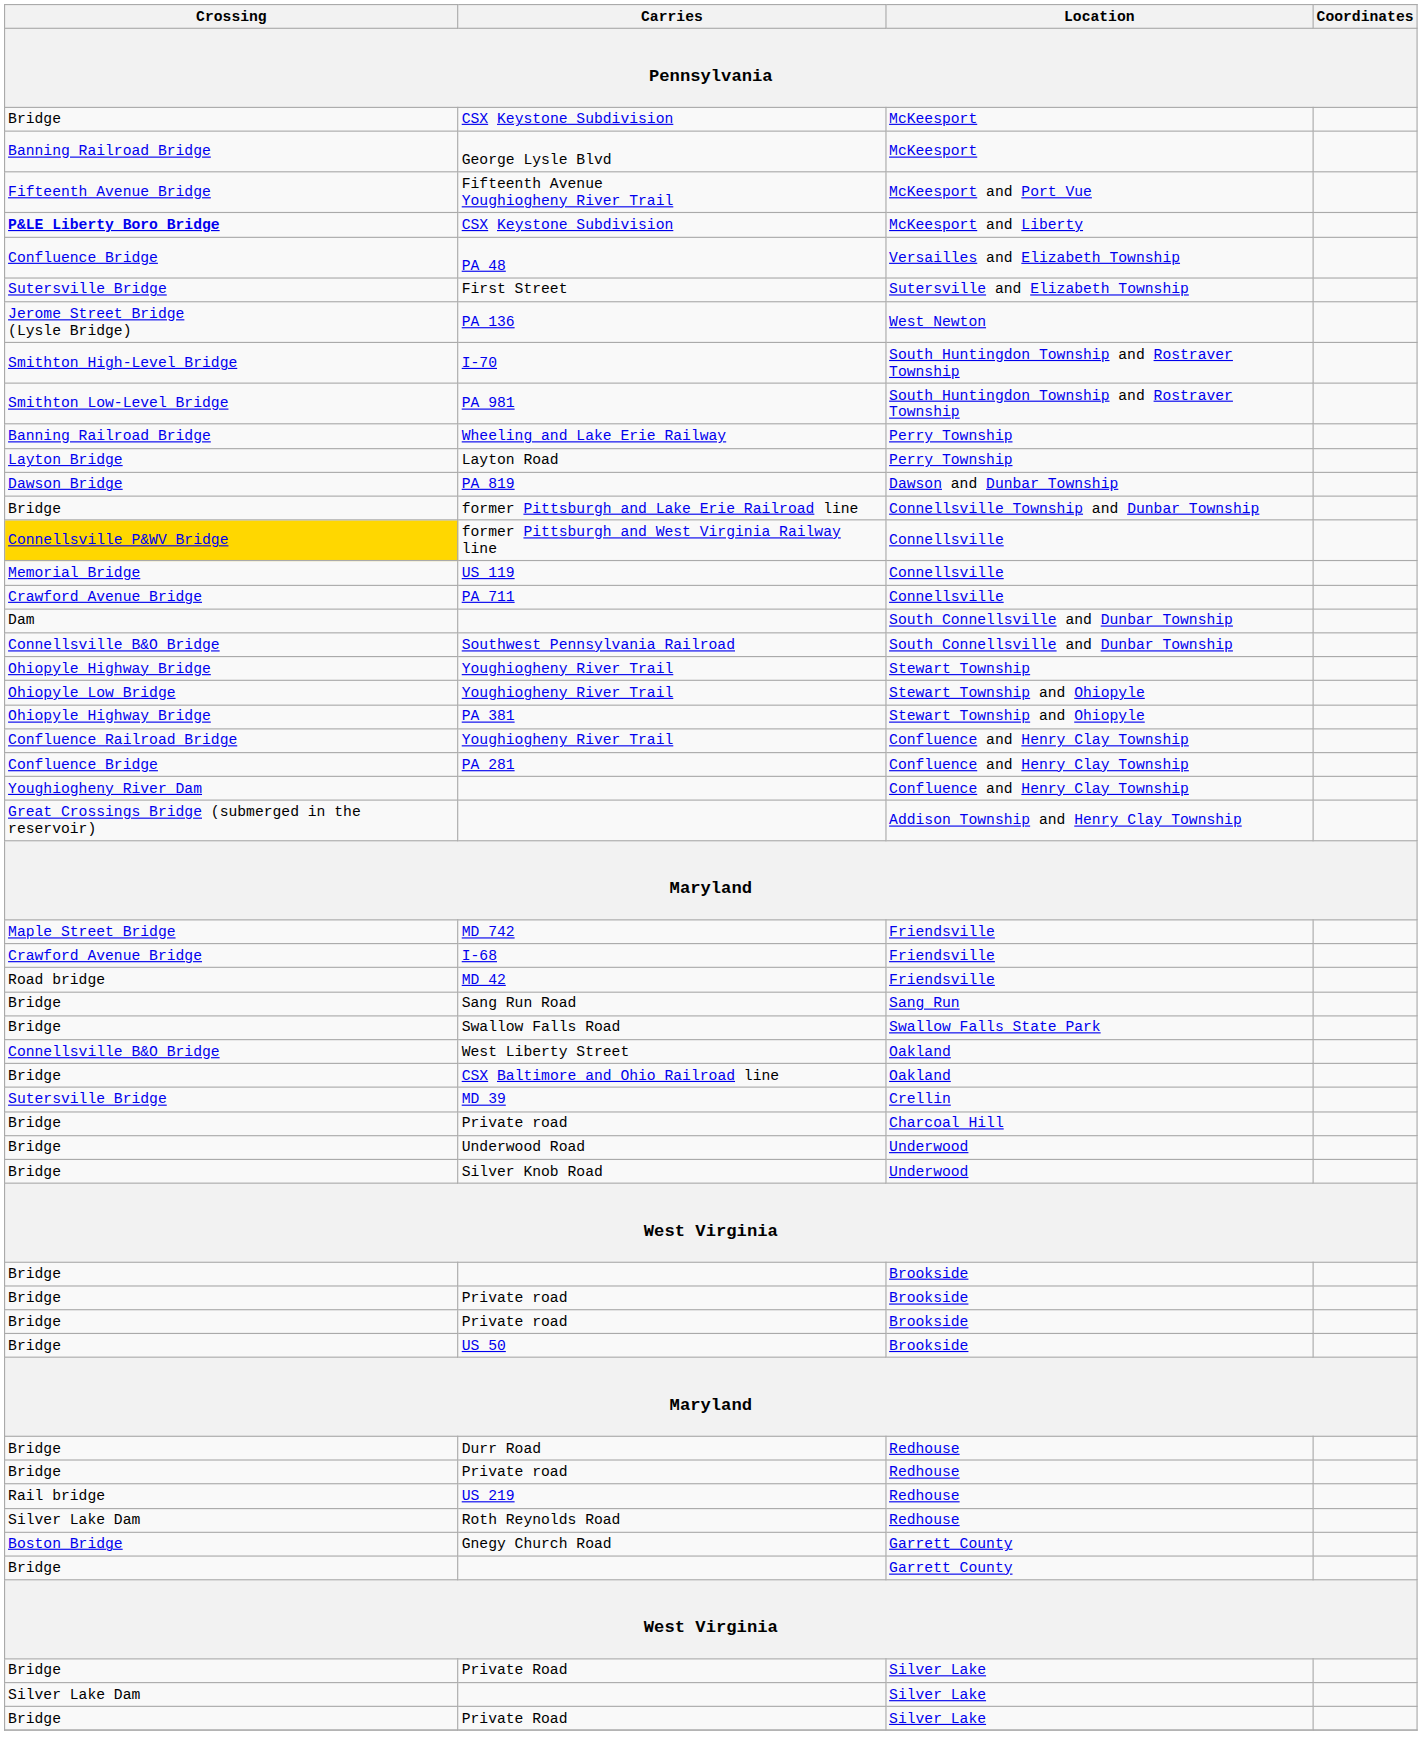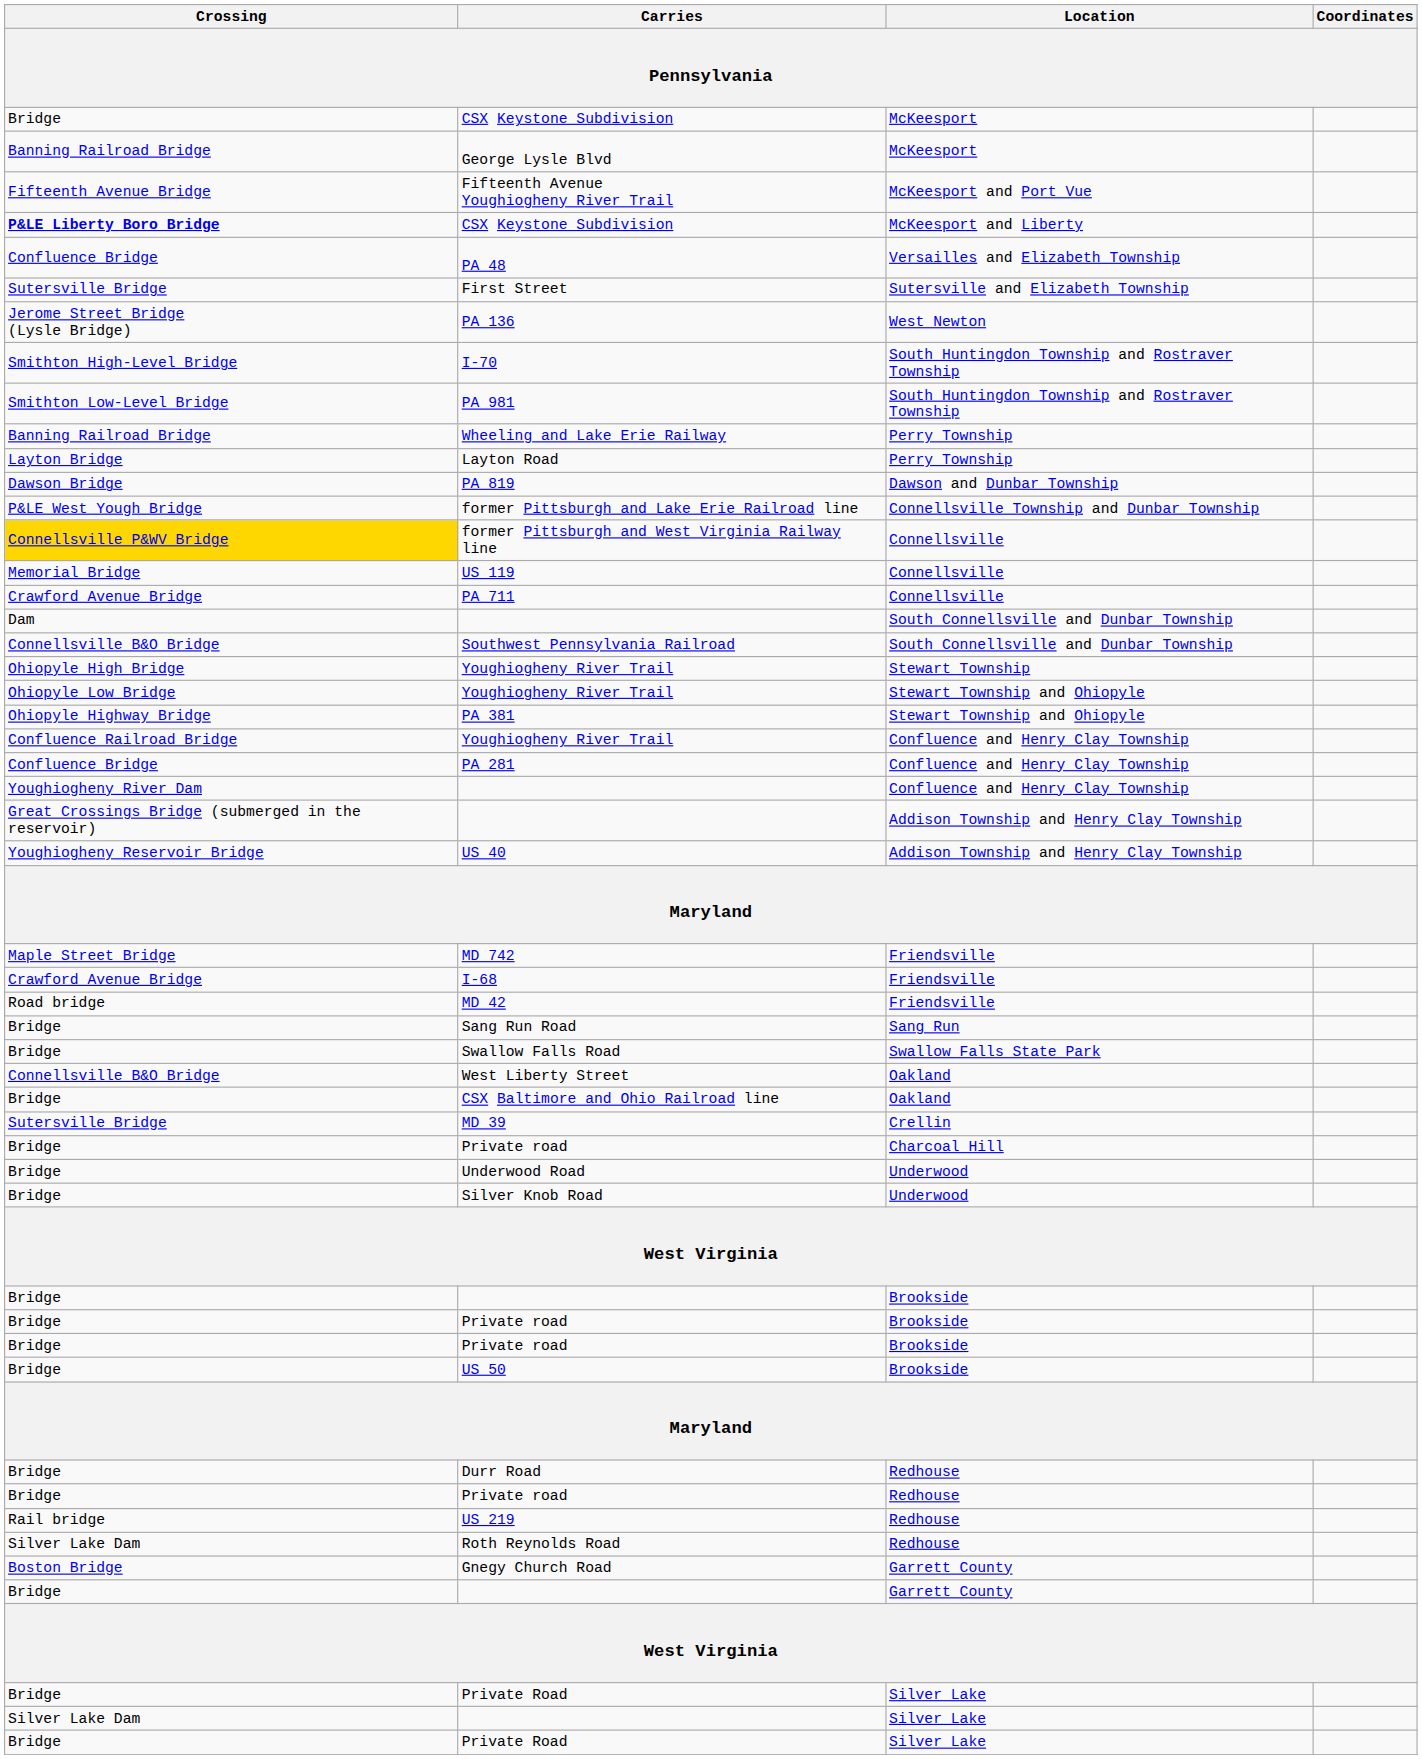 <table class=wikitable>
 <tr>
 <th>Crossing</th>
 <th>Carries</th>
 <th>Location</th>
 <th>Coordinates</th>
 </tr>
 <tr>
 <th colspan=4><br><h3>Pennsylvania</h3></th>
 </tr>
 <tr>
 <td>Bridge</td>
 <td><a href='#'>CSX</a> <a href='#'>Keystone Subdivision</a></td>
 <td><a href='#'>McKeesport</a></td>
 <td></td>
 </tr>
 <tr>
 <td><a href='#'>Banning Railroad Bridge</a></td>
 <td><br>George Lysle Blvd</td>
 <td><a href='#'>McKeesport</a></td>
 <td></td>
 </tr>
 <tr>
 <td><a href='#'>Fifteenth Avenue Bridge</a></td>
 <td>Fifteenth Avenue<br><a href='#'>Youghiogheny River Trail</a></td>
 <td><a href='#'>McKeesport</a> and <a href='#'>Port Vue</a></td>
 <td></td>
 </tr>
 <tr>
 <td><strong><a href='#'>P&LE Liberty Boro Bridge</a></strong></td>
 <td><a href='#'>CSX</a> <a href='#'>Keystone Subdivision</a></td>
 <td><a href='#'>McKeesport</a> and <a href='#'>Liberty</a></td>
 <td></td>
 </tr>
 <tr>
 <td><a href='#'>Confluence Bridge</a></td>
 <td><br> <a href='#'>PA 48</a></td>
 <td><a href='#'>Versailles</a> and <a href='#'>Elizabeth Township</a></td>
 <td></td>
 </tr>
 <tr>
 <td><a href='#'>Sutersville Bridge</a></td>
 <td>First Street</td>
 <td><a href='#'>Sutersville</a> and <a href='#'>Elizabeth Township</a></td>
 <td></td>
 </tr>
 <tr>
 <td><a href='#'>Jerome Street Bridge</a><br>(Lysle Bridge)</td>
 <td> <a href='#'>PA 136</a></td>
 <td><a href='#'>West Newton</a></td>
 <td></td>
 </tr>
 <tr>
 <td><a href='#'>Smithton High-Level Bridge</a></td>
 <td> <a href='#'>I-70</a></td>
 <td><a href='#'>South Huntingdon Township</a> and <a href='#'>Rostraver Township</a></td>
 <td></td>
 </tr>
 <tr>
 <td><a href='#'>Smithton Low-Level Bridge</a></td>
 <td> <a href='#'>PA 981</a></td>
 <td><a href='#'>South Huntingdon Township</a> and <a href='#'>Rostraver Township</a></td>
 <td></td>
 </tr>
 <tr>
 <td><a href='#'>Banning Railroad Bridge</a></td>
 <td><a href='#'>Wheeling and Lake Erie Railway</a></td>
 <td><a href='#'>Perry Township</a></td>
 <td></td>
 </tr>
 <tr>
 <td><a href='#'>Layton Bridge</a></td>
 <td>Layton Road</td>
 <td><a href='#'>Perry Township</a></td>
 <td></td>
 </tr>
 <tr>
 <td><a href='#'>Dawson Bridge</a></td>
 <td> <a href='#'>PA 819</a></td>
 <td><a href='#'>Dawson</a> and <a href='#'>Dunbar Township</a></td>
 <td></td>
 </tr>
 <tr>
-<td>Bridge</td>
+<td><a href='#'>P&LE West Yough Bridge</a></td>
 <td>former <a href='#'>Pittsburgh and Lake Erie Railroad</a> line</td>
 <td><a href='#'>Connellsville Township</a> and <a href='#'>Dunbar Township</a></td>
 <td></td>
 </tr>
 <tr>
 <td style="background: gold;"><a href='#'>Connellsville P&WV Bridge</a></td>
 <td>former <a href='#'>Pittsburgh and West Virginia Railway</a> line</td>
 <td><a href='#'>Connellsville</a></td>
 <td></td>
 </tr>
 <tr>
 <td><a href='#'>Memorial Bridge</a></td>
 <td> <a href='#'>US 119</a></td>
 <td><a href='#'>Connellsville</a></td>
 <td></td>
 </tr>
 <tr>
 <td><a href='#'>Crawford Avenue Bridge</a></td>
 <td> <a href='#'>PA 711</a></td>
 <td><a href='#'>Connellsville</a></td>
 <td></td>
 </tr>
 <tr>
 <td>Dam</td>
 <td></td>
 <td><a href='#'>South Connellsville</a> and <a href='#'>Dunbar Township</a></td>
 <td></td>
 </tr>
 <tr>
 <td><a href='#'>Connellsville B&O Bridge</a></td>
 <td><a href='#'>Southwest Pennsylvania Railroad</a></td>
 <td><a href='#'>South Connellsville</a> and <a href='#'>Dunbar Township</a></td>
 <td></td>
 </tr>
 <tr>
-<td><a href='#'>Ohiopyle Highway Bridge</a></td>
+<td><a href='#'>Ohiopyle High Bridge</a></td>
 <td><a href='#'>Youghiogheny River Trail</a></td>
 <td><a href='#'>Stewart Township</a></td>
 <td></td>
 </tr>
 <tr>
 <td><a href='#'>Ohiopyle Low Bridge</a></td>
 <td><a href='#'>Youghiogheny River Trail</a></td>
 <td><a href='#'>Stewart Township</a> and <a href='#'>Ohiopyle</a></td>
 <td></td>
 </tr>
 <tr>
 <td><a href='#'>Ohiopyle Highway Bridge</a></td>
 <td> <a href='#'>PA 381</a></td>
 <td><a href='#'>Stewart Township</a> and <a href='#'>Ohiopyle</a></td>
 <td></td>
 </tr>
 <tr>
 <td><a href='#'>Confluence Railroad Bridge</a></td>
 <td><a href='#'>Youghiogheny River Trail</a></td>
 <td><a href='#'>Confluence</a> and <a href='#'>Henry Clay Township</a></td>
 <td></td>
 </tr>
 <tr>
 <td><a href='#'>Confluence Bridge</a></td>
 <td> <a href='#'>PA 281</a></td>
 <td><a href='#'>Confluence</a> and <a href='#'>Henry Clay Township</a></td>
 <td></td>
 </tr>
 <tr>
 <td><a href='#'>Youghiogheny River Dam</a></td>
 <td></td>
 <td><a href='#'>Confluence</a> and <a href='#'>Henry Clay Township</a></td>
 <td></td>
 </tr>
 <tr>
 <td><a href='#'>Great Crossings Bridge</a> (submerged in the reservoir)</td>
 <td></td>
+<td><a href='#'>Addison Township</a> and <a href='#'>Henry Clay Township</a></td>
+<td></td>
+</tr>
+<tr>
+<td><a href='#'>Youghiogheny Reservoir Bridge</a></td>
+<td> <a href='#'>US 40</a></td>
 <td><a href='#'>Addison Township</a> and <a href='#'>Henry Clay Township</a></td>
 <td></td>
 </tr>
 <tr>
 <th colspan=4><br><h3>Maryland</h3></th>
 </tr>
 <tr>
 <td><a href='#'>Maple Street Bridge</a></td>
 <td> <a href='#'>MD 742</a></td>
 <td><a href='#'>Friendsville</a></td>
 <td></td>
 </tr>
 <tr>
 <td><a href='#'>Crawford Avenue Bridge</a></td>
 <td> <a href='#'>I-68</a></td>
 <td><a href='#'>Friendsville</a></td>
 <td></td>
 </tr>
 <tr>
 <td>Road bridge</td>
 <td> <a href='#'>MD 42</a></td>
 <td><a href='#'>Friendsville</a></td>
 <td></td>
 </tr>
 <tr>
 <td>Bridge</td>
 <td>Sang Run Road</td>
 <td><a href='#'>Sang Run</a></td>
 <td></td>
 </tr>
 <tr>
 <td>Bridge</td>
 <td>Swallow Falls Road</td>
 <td><a href='#'>Swallow Falls State Park</a></td>
 <td></td>
 </tr>
 <tr>
 <td><a href='#'>Connellsville B&O Bridge</a></td>
 <td>West Liberty Street</td>
 <td><a href='#'>Oakland</a></td>
 <td></td>
 </tr>
 <tr>
 <td>Bridge</td>
 <td><a href='#'>CSX</a> <a href='#'>Baltimore and Ohio Railroad</a> line</td>
 <td><a href='#'>Oakland</a></td>
 <td></td>
 </tr>
 <tr>
 <td><a href='#'>Sutersville Bridge</a></td>
 <td> <a href='#'>MD 39</a></td>
 <td><a href='#'>Crellin</a></td>
 <td></td>
 </tr>
 <tr>
 <td>Bridge</td>
 <td>Private road</td>
 <td><a href='#'>Charcoal Hill</a></td>
 <td></td>
 </tr>
 <tr>
 <td>Bridge</td>
 <td>Underwood Road</td>
 <td><a href='#'>Underwood</a></td>
 <td></td>
 </tr>
 <tr>
 <td>Bridge</td>
 <td>Silver Knob Road</td>
 <td><a href='#'>Underwood</a></td>
 <td></td>
 </tr>
 <tr>
 <th colspan=4><br><h3>West Virginia</h3></th>
 </tr>
 <tr>
 <td>Bridge</td>
 <td></td>
 <td><a href='#'>Brookside</a></td>
 <td></td>
 </tr>
 <tr>
 <td>Bridge</td>
 <td>Private road</td>
 <td><a href='#'>Brookside</a></td>
 <td></td>
 </tr>
 <tr>
 <td>Bridge</td>
 <td>Private road</td>
 <td><a href='#'>Brookside</a></td>
 <td></td>
 </tr>
 <tr>
 <td>Bridge</td>
 <td> <a href='#'>US 50</a></td>
 <td><a href='#'>Brookside</a></td>
 <td></td>
 </tr>
 <tr>
 <th colspan=4><br><h3>Maryland</h3></th>
 </tr>
 <tr>
 <td>Bridge</td>
 <td>Durr Road</td>
 <td><a href='#'>Redhouse</a></td>
 <td></td>
 </tr>
 <tr>
 <td>Bridge</td>
 <td>Private road</td>
 <td><a href='#'>Redhouse</a></td>
 <td></td>
 </tr>
 <tr>
 <td>Rail bridge</td>
 <td> <a href='#'>US 219</a></td>
 <td><a href='#'>Redhouse</a></td>
 <td></td>
 </tr>
 <tr>
 <td>Silver Lake Dam</td>
 <td>Roth Reynolds Road</td>
 <td><a href='#'>Redhouse</a></td>
 <td></td>
 </tr>
 <tr>
 <td><a href='#'>Boston Bridge</a></td>
 <td>Gnegy Church Road</td>
 <td><a href='#'>Garrett County</a></td>
 <td></td>
 </tr>
 <tr>
 <td>Bridge</td>
 <td></td>
 <td><a href='#'>Garrett County</a></td>
 <td></td>
 </tr>
 <tr>
 <th colspan=4><br><h3>West Virginia</h3></th>
 </tr>
 <tr>
 <td>Bridge</td>
 <td>Private Road</td>
 <td><a href='#'>Silver Lake</a></td>
 <td></td>
 </tr>
 <tr>
 <td>Silver Lake Dam</td>
 <td></td>
 <td><a href='#'>Silver Lake</a></td>
 <td></td>
 </tr>
 <tr>
 <td>Bridge</td>
 <td>Private Road</td>
 <td><a href='#'>Silver Lake</a></td>
 <td></td>
 </tr>
 <tr>
 </tr>
 </table>
